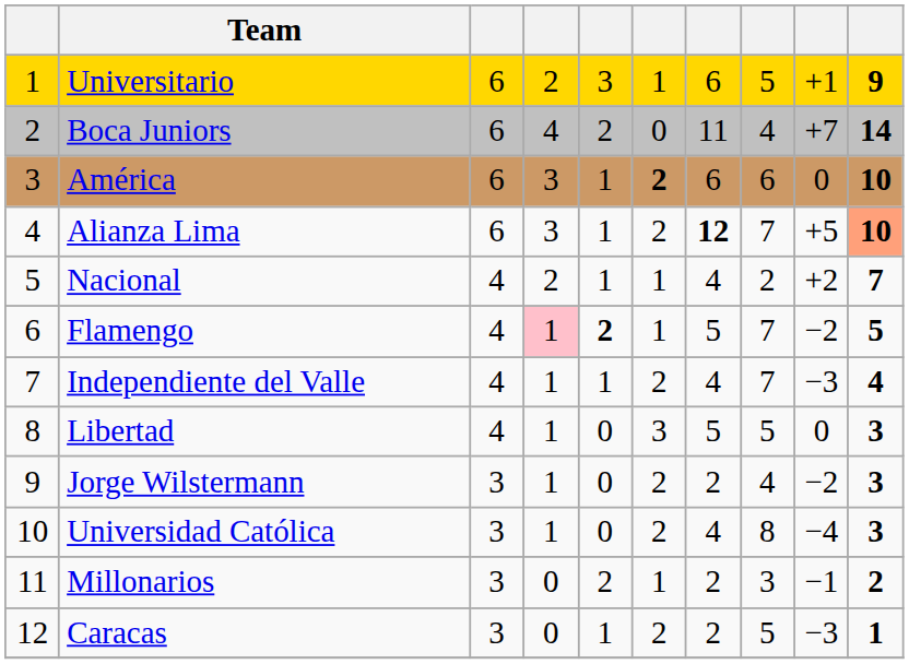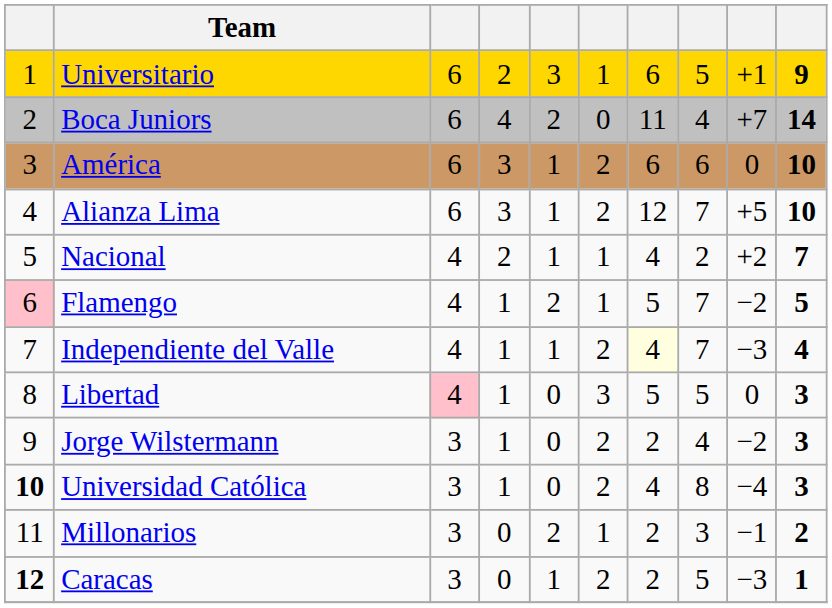 <table class="wikitable" style="text-align: center;">
 <tr>
 <th width="20"></th>
 <th width="200">Team</th>
 <th width="20"></th>
 <th width="20"></th>
 <th width="20"></th>
 <th width="20"></th>
 <th width="20"></th>
 <th width="20"></th>
 <th width="20"></th>
 <th width="20"></th>
 </tr>
 <tr bgcolor=gold>
 <td>1</td>
 <td align=left> <a href='#'>Universitario</a></td>
 <td>6</td>
 <td>2</td>
 <td>3</td>
 <td>1</td>
 <td>6</td>
 <td>5</td>
 <td>+1</td>
 <td><strong>9</strong></td>
 </tr>
 <tr bgcolor=silver>
 <td>2</td>
 <td align=left> <a href='#'>Boca Juniors</a></td>
 <td>6</td>
 <td>4</td>
 <td>2</td>
 <td>0</td>
 <td>11</td>
 <td>4</td>
 <td>+7</td>
 <td><strong>14</strong></td>
 </tr>
 <tr bgcolor="#cc9966">
 <td>3</td>
 <td align=left> <a href='#'>América</a></td>
 <td>6</td>
 <td>3</td>
 <td>1</td>
-<td><strong>2</strong></td>
+<td>2</td>
 <td>6</td>
 <td>6</td>
 <td>0</td>
 <td><strong>10</strong></td>
 </tr>
 <tr>
 <td>4</td>
 <td align=left> <a href='#'>Alianza Lima</a></td>
 <td>6</td>
 <td>3</td>
 <td>1</td>
 <td>2</td>
-<td><strong>12</strong></td>
+<td>12</td>
 <td>7</td>
 <td>+5</td>
-<td style="background: lightsalmon;"><strong>10</strong></td>
+<td><strong>10</strong></td>
 </tr>
 <tr>
 <td>5</td>
 <td align=left> <a href='#'>Nacional</a></td>
 <td>4</td>
 <td>2</td>
 <td>1</td>
 <td>1</td>
 <td>4</td>
 <td>2</td>
 <td>+2</td>
 <td><strong>7</strong></td>
 </tr>
 <tr>
-<td>6</td>
+<td style="background: pink;">6</td>
 <td align=left> <a href='#'>Flamengo</a></td>
 <td>4</td>
-<td style="background: pink;">1</td>
-<td><strong>2</strong></td>
+<td>1</td>
+<td>2</td>
 <td>1</td>
 <td>5</td>
 <td>7</td>
 <td>−2</td>
 <td><strong>5</strong></td>
 </tr>
 <tr>
 <td>7</td>
 <td align=left> <a href='#'>Independiente del Valle</a></td>
 <td>4</td>
 <td>1</td>
 <td>1</td>
 <td>2</td>
-<td>4</td>
+<td style="background: lightyellow;">4</td>
 <td>7</td>
 <td>−3</td>
 <td><strong>4</strong></td>
 </tr>
 <tr>
 <td>8</td>
 <td align=left> <a href='#'>Libertad</a></td>
-<td>4</td>
+<td style="background: pink;">4</td>
 <td>1</td>
 <td>0</td>
 <td>3</td>
 <td>5</td>
 <td>5</td>
 <td>0</td>
 <td><strong>3</strong></td>
 </tr>
 <tr>
 <td>9</td>
 <td align=left> <a href='#'>Jorge Wilstermann</a></td>
 <td>3</td>
 <td>1</td>
 <td>0</td>
 <td>2</td>
 <td>2</td>
 <td>4</td>
 <td>−2</td>
 <td><strong>3</strong></td>
 </tr>
 <tr>
-<td>10</td>
+<td><strong>10</strong></td>
 <td align=left> <a href='#'>Universidad Católica</a></td>
 <td>3</td>
 <td>1</td>
 <td>0</td>
 <td>2</td>
 <td>4</td>
 <td>8</td>
 <td>−4</td>
 <td><strong>3</strong></td>
 </tr>
 <tr>
 <td>11</td>
 <td align=left> <a href='#'>Millonarios</a></td>
 <td>3</td>
 <td>0</td>
 <td>2</td>
 <td>1</td>
 <td>2</td>
 <td>3</td>
 <td>−1</td>
 <td><strong>2</strong></td>
 </tr>
 <tr>
-<td>12</td>
+<td><strong>12</strong></td>
 <td align=left> <a href='#'>Caracas</a></td>
 <td>3</td>
 <td>0</td>
 <td>1</td>
 <td>2</td>
 <td>2</td>
 <td>5</td>
 <td>−3</td>
 <td><strong>1</strong></td>
 </tr>
 <tr>
 </tr>
 </table>
